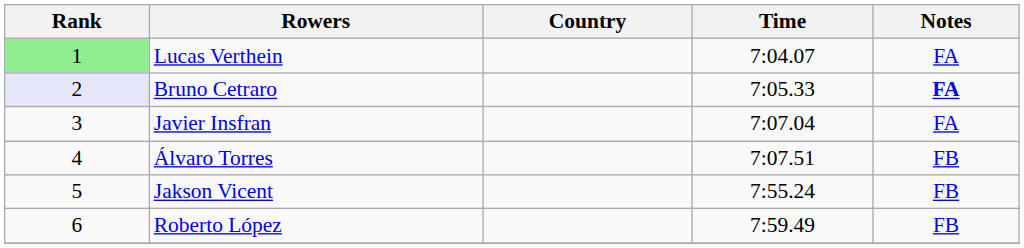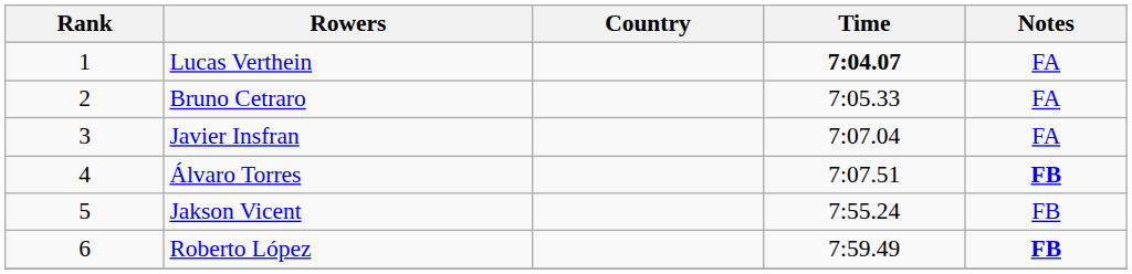 <table class="wikitable" width=60% style="text-align:center">
 <tr>
 <th>Rank</th>
 <th>Rowers</th>
 <th>Country</th>
 <th>Time</th>
 <th>Notes</th>
 </tr>
 <tr>
-<td style="background: lightgreen;">1</td>
+<td>1</td>
 <td align=left><a href='#'>Lucas Verthein</a></td>
 <td align=left></td>
-<td>7:04.07</td>
+<td><strong>7:04.07</strong></td>
 <td><a href='#'>FA</a></td>
 </tr>
 <tr>
-<td style="background: lavender;">2</td>
+<td>2</td>
 <td align=left><a href='#'>Bruno Cetraro</a></td>
 <td align=left></td>
 <td>7:05.33</td>
-<td><strong><a href='#'>FA</a></strong></td>
+<td><a href='#'>FA</a></td>
 </tr>
 <tr>
 <td>3</td>
 <td align=left><a href='#'>Javier Insfran</a></td>
 <td align=left></td>
 <td>7:07.04</td>
 <td><a href='#'>FA</a></td>
 </tr>
 <tr>
 <td>4</td>
 <td align=left><a href='#'>Álvaro Torres</a></td>
 <td align=left></td>
 <td>7:07.51</td>
-<td><a href='#'>FB</a></td>
+<td><strong><a href='#'>FB</a></strong></td>
 </tr>
 <tr>
 <td>5</td>
 <td align=left><a href='#'>Jakson Vicent</a></td>
 <td align=left></td>
 <td>7:55.24</td>
 <td><a href='#'>FB</a></td>
 </tr>
 <tr>
 <td>6</td>
 <td align=left><a href='#'>Roberto López</a></td>
 <td align=left></td>
 <td>7:59.49</td>
-<td><a href='#'>FB</a></td>
+<td><strong><a href='#'>FB</a></strong></td>
 </tr>
 <tr>
 </tr>
 </table>
